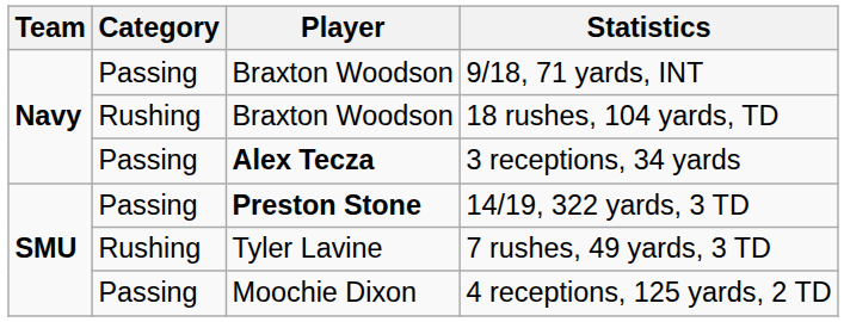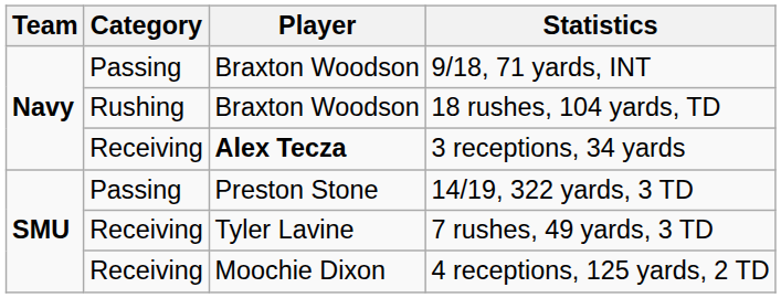 <table class="wikitable" style="float: right;">
 <tr>
 <th>Team</th>
 <th>Category</th>
 <th>Player</th>
 <th>Statistics</th>
 </tr>
 <tr>
 <td rowspan=3><strong>Navy</strong></td>
 <td>Passing</td>
 <td>Braxton Woodson</td>
 <td>9/18, 71 yards, INT</td>
 </tr>
 <tr>
 <td>Rushing</td>
 <td>Braxton Woodson</td>
 <td>18 rushes, 104 yards, TD</td>
 </tr>
 <tr>
-<td>Passing</td>
+<td>Receiving</td>
 <td><strong>Alex Tecza</strong></td>
 <td>3 receptions, 34 yards</td>
 </tr>
 <tr>
 <td rowspan=3><strong>SMU</strong></td>
 <td>Passing</td>
-<td><strong>Preston Stone</strong></td>
+<td>Preston Stone</td>
 <td>14/19, 322 yards, 3 TD</td>
 </tr>
 <tr>
-<td>Rushing</td>
+<td>Receiving</td>
 <td>Tyler Lavine</td>
 <td>7 rushes, 49 yards, 3 TD</td>
 </tr>
 <tr>
-<td>Passing</td>
+<td>Receiving</td>
 <td>Moochie Dixon</td>
 <td>4 receptions, 125 yards, 2 TD</td>
 </tr>
 </table>
